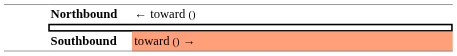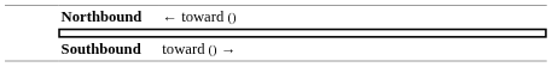 <table table border=0 cellspacing=0 cellpadding=3>
 <tr>
 <td style="border-top:solid 1px gray;border-bottom:solid 1px gray;" width=50 rowspan=3 valign=top></td>
 <td style="border-top:solid 1px gray;" width=100><strong>Northbound</strong></td>
 <td style="border-top:solid 1px gray;" width=400>←  toward  <small>()</small></td>
 </tr>
 <tr>
 <td style="border-top:solid 2px black;border-right:solid 2px black;border-left:solid 2px black;border-bottom:solid 2px black;text-align:center;" colspan=2></td>
 </tr>
 <tr>
 <td style="border-bottom:solid 1px gray;"><strong>Southbound</strong></td>
-<td style="background: lightsalmon; border-bottom:solid 1px gray;"> toward  <small>()</small> →</td>
+<td style="border-bottom:solid 1px gray;"> toward  <small>()</small> →</td>
 </tr>
 </table>
